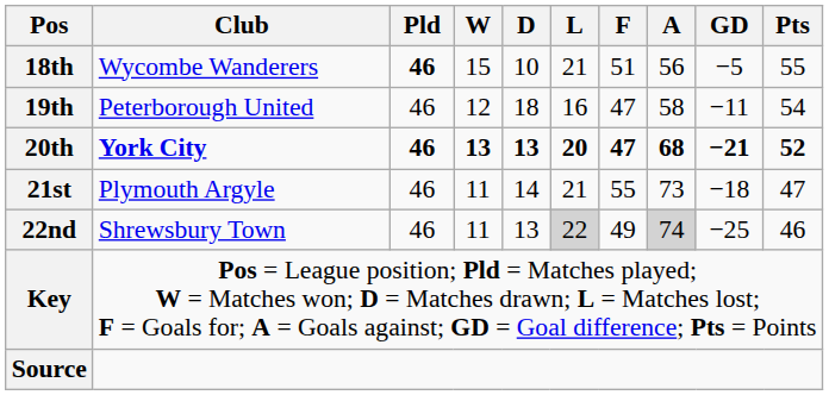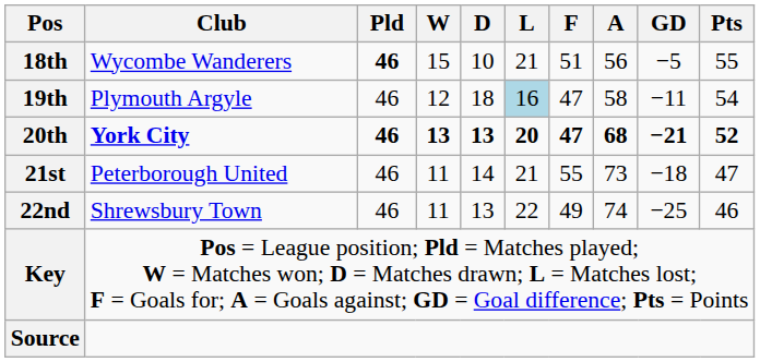 <table class=wikitable style="text-align:center">
 <tr>
 <th scope=col>Pos</th>
 <th scope=col>Club</th>
 <th scope=col>Pld</th>
 <th scope=col>W</th>
 <th scope=col>D</th>
 <th scope=col>L</th>
 <th scope=col>F</th>
 <th scope=col>A</th>
 <th scope=col>GD</th>
 <th scope=col>Pts</th>
 </tr>
 <tr>
 <th scope=row>18th</th>
 <td align=left><a href='#'>Wycombe Wanderers</a></td>
 <td><strong>46</strong></td>
 <td>15</td>
 <td>10</td>
 <td>21</td>
 <td>51</td>
 <td>56</td>
 <td>−5</td>
 <td>55</td>
 </tr>
 <tr>
 <th scope=row>19th</th>
-<td align=left><a href='#'>Peterborough United</a></td>
+<td align=left><a href='#'>Plymouth Argyle</a></td>
 <td>46</td>
 <td>12</td>
 <td>18</td>
-<td>16</td>
+<td style="background: lightblue;">16</td>
 <td>47</td>
 <td>58</td>
 <td>−11</td>
 <td>54</td>
 </tr>
 <tr style="font-weight:bold">
 <th scope=row>20th</th>
 <td align=left><a href='#'>York City</a></td>
 <td>46</td>
 <td>13</td>
 <td>13</td>
 <td>20</td>
 <td>47</td>
 <td>68</td>
 <td>−21</td>
 <td>52</td>
 </tr>
 <tr>
 <th scope=row>21st</th>
-<td align=left><a href='#'>Plymouth Argyle</a></td>
+<td align=left><a href='#'>Peterborough United</a></td>
 <td>46</td>
 <td>11</td>
 <td>14</td>
 <td>21</td>
 <td>55</td>
 <td>73</td>
 <td>−18</td>
 <td>47</td>
 </tr>
 <tr>
 <th scope=row>22nd</th>
 <td align=left><a href='#'>Shrewsbury Town</a></td>
 <td>46</td>
 <td>11</td>
 <td>13</td>
-<td style="background: lightgrey;">22</td>
+<td>22</td>
 <td>49</td>
-<td style="background: lightgrey;">74</td>
+<td>74</td>
 <td>−25</td>
 <td>46</td>
 </tr>
 <tr>
 <th scope=row>Key</th>
 <td colspan=9><strong>Pos</strong> = League position; <strong>Pld</strong> = Matches played;<br><strong>W</strong> = Matches won; <strong>D</strong> = Matches drawn; <strong>L</strong> = Matches lost;<br><strong>F</strong> = Goals for; <strong>A</strong> = Goals against; <strong>GD</strong> = <a href='#'>Goal difference</a>; <strong>Pts</strong> = Points</td>
 </tr>
 <tr>
 <th scope=row>Source</th>
 <td colspan=9></td>
 </tr>
 </table>
